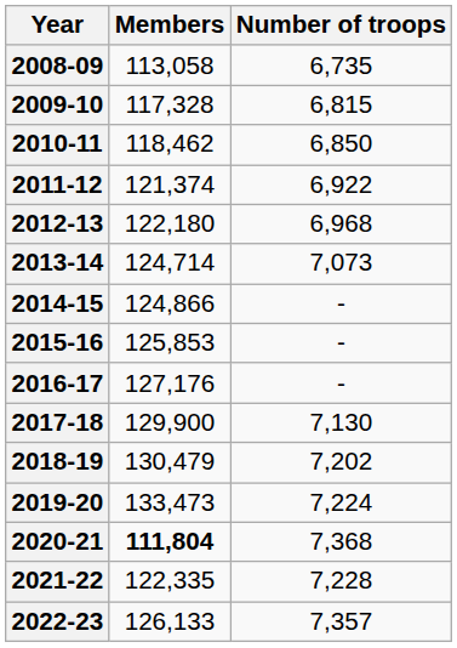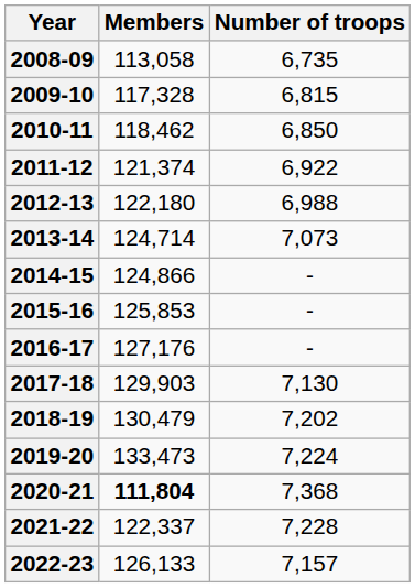 <table class="wikitable" style="text-align: center">
 <tr>
 <th>Year</th>
 <th>Members</th>
 <th>Number of troops</th>
 </tr>
 <tr>
 <th scope=row>2008-09</th>
 <td>113,058</td>
 <td>6,735</td>
 </tr>
 <tr>
 <th scope=row>2009-10</th>
 <td>117,328</td>
 <td>6,815</td>
 </tr>
 <tr>
 <th scope=row>2010-11</th>
 <td>118,462</td>
 <td>6,850</td>
 </tr>
 <tr>
 <th scope=row>2011-12</th>
 <td>121,374</td>
 <td>6,922</td>
 </tr>
 <tr>
 <th scope=row>2012-13</th>
 <td>122,180</td>
-<td>6,968</td>
+<td>6,988</td>
 </tr>
 <tr>
 <th scope=row>2013-14</th>
 <td>124,714</td>
 <td>7,073</td>
 </tr>
 <tr>
 <th scope=row>2014-15</th>
 <td>124,866</td>
 <td>-</td>
 </tr>
 <tr>
 <th scope=row>2015-16</th>
 <td>125,853</td>
 <td>-</td>
 </tr>
 <tr>
 <th scope=row>2016-17</th>
 <td>127,176</td>
 <td>-</td>
 </tr>
 <tr>
 <th scope=row>2017-18</th>
-<td>129,900</td>
+<td>129,903</td>
 <td>7,130</td>
 </tr>
 <tr>
 <th scope=row>2018-19</th>
 <td>130,479</td>
 <td>7,202</td>
 </tr>
 <tr>
 <th scope=row>2019-20</th>
 <td>133,473</td>
 <td>7,224</td>
 </tr>
 <tr>
 <th scope=row>2020-21</th>
 <td><strong>111,804</strong></td>
 <td>7,368</td>
 </tr>
 <tr>
 <th scope=row>2021-22</th>
-<td>122,335</td>
+<td>122,337</td>
 <td>7,228</td>
 </tr>
 <tr>
 <th scope=row>2022-23</th>
 <td>126,133</td>
-<td>7,357</td>
+<td>7,157</td>
 </tr>
 </table>
